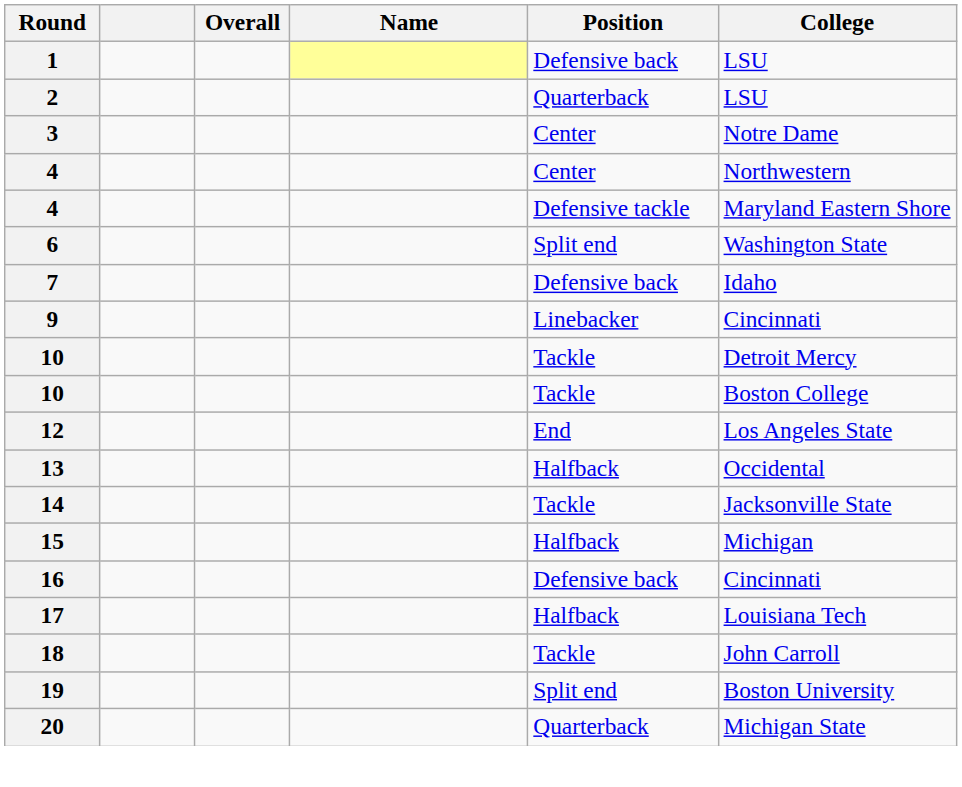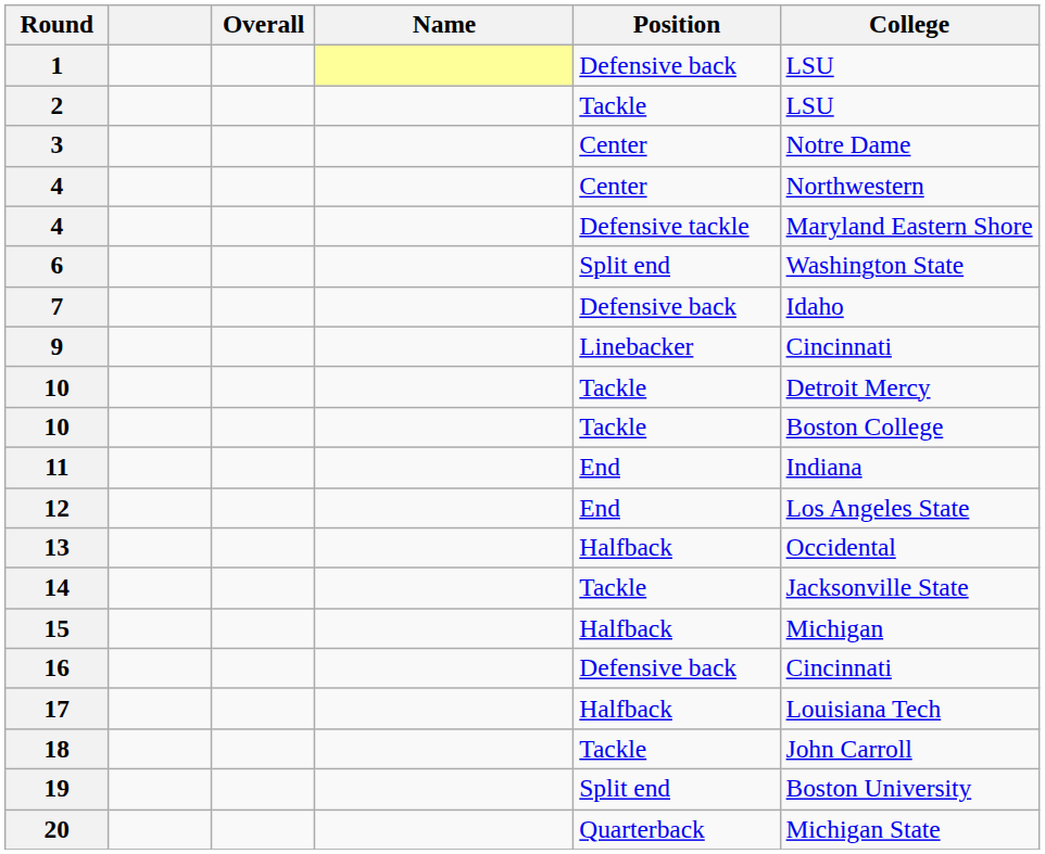 <table class="wikitable sortable">
 <tr>
 <th scope="col" style="width: 10%;">Round</th>
 <th scope="col" style="width: 10%;"></th>
 <th scope="col" style="width: 10%;">Overall</th>
 <th scope="col" style="width: 25%;">Name</th>
 <th scope="col" style="width: 20%;">Position</th>
 <th scope="col" style="width: 25%;">College</th>
 </tr>
 <tr>
 <th scope="row">1</th>
 <td></td>
 <td></td>
 <td style="background-color: #FFFF99;"> </td>
 <td><a href='#'>Defensive back</a></td>
 <td><a href='#'>LSU</a></td>
 </tr>
 <tr>
 <th scope="row">2</th>
 <td></td>
 <td></td>
 <td></td>
-<td><a href='#'>Quarterback</a></td>
+<td><a href='#'>Tackle</a></td>
 <td><a href='#'>LSU</a></td>
 </tr>
 <tr>
 <th scope="row">3</th>
 <td></td>
 <td></td>
 <td></td>
 <td><a href='#'>Center</a></td>
 <td><a href='#'>Notre Dame</a></td>
 </tr>
 <tr>
 <th scope="row">4</th>
 <td></td>
 <td></td>
 <td></td>
 <td><a href='#'>Center</a></td>
 <td><a href='#'>Northwestern</a></td>
 </tr>
 <tr>
 <th scope="row">4</th>
 <td></td>
 <td></td>
 <td></td>
 <td><a href='#'>Defensive tackle</a></td>
 <td><a href='#'>Maryland Eastern Shore</a></td>
 </tr>
 <tr>
 <th scope="row">6</th>
 <td></td>
 <td></td>
 <td></td>
 <td><a href='#'>Split end</a></td>
 <td><a href='#'>Washington State</a></td>
 </tr>
 <tr>
 <th scope="row">7</th>
 <td></td>
 <td></td>
 <td></td>
 <td><a href='#'>Defensive back</a></td>
 <td><a href='#'>Idaho</a></td>
 </tr>
 <tr>
 <th scope="row">9</th>
 <td></td>
 <td></td>
 <td></td>
 <td><a href='#'>Linebacker</a></td>
 <td><a href='#'>Cincinnati</a></td>
 </tr>
 <tr>
 <th scope="row">10</th>
 <td></td>
 <td></td>
 <td></td>
 <td><a href='#'>Tackle</a></td>
 <td><a href='#'>Detroit Mercy</a></td>
 </tr>
 <tr>
 <th scope="row">10</th>
 <td></td>
 <td></td>
 <td></td>
 <td><a href='#'>Tackle</a></td>
 <td><a href='#'>Boston College</a></td>
+</tr>
+<tr>
+<th scope="row">11</th>
+<td></td>
+<td></td>
+<td></td>
+<td><a href='#'>End</a></td>
+<td><a href='#'>Indiana</a></td>
 </tr>
 <tr>
 <th scope="row">12</th>
 <td></td>
 <td></td>
 <td></td>
 <td><a href='#'>End</a></td>
 <td><a href='#'>Los Angeles State</a></td>
 </tr>
 <tr>
 <th scope="row">13</th>
 <td></td>
 <td></td>
 <td></td>
 <td><a href='#'>Halfback</a></td>
 <td><a href='#'>Occidental</a></td>
 </tr>
 <tr>
 <th scope="row">14</th>
 <td></td>
 <td></td>
 <td></td>
 <td><a href='#'>Tackle</a></td>
 <td><a href='#'>Jacksonville State</a></td>
 </tr>
 <tr>
 <th scope="row">15</th>
 <td></td>
 <td></td>
 <td></td>
 <td><a href='#'>Halfback</a></td>
 <td><a href='#'>Michigan</a></td>
 </tr>
 <tr>
 <th scope="row">16</th>
 <td></td>
 <td></td>
 <td></td>
 <td><a href='#'>Defensive back</a></td>
 <td><a href='#'>Cincinnati</a></td>
 </tr>
 <tr>
 <th scope="row">17</th>
 <td></td>
 <td></td>
 <td></td>
 <td><a href='#'>Halfback</a></td>
 <td><a href='#'>Louisiana Tech</a></td>
 </tr>
 <tr>
 <th scope="row">18</th>
 <td></td>
 <td></td>
 <td></td>
 <td><a href='#'>Tackle</a></td>
 <td><a href='#'>John Carroll</a></td>
 </tr>
 <tr>
 <th scope="row">19</th>
 <td></td>
 <td></td>
 <td></td>
 <td><a href='#'>Split end</a></td>
 <td><a href='#'>Boston University</a></td>
 </tr>
 <tr>
 <th scope="row">20</th>
 <td></td>
 <td></td>
 <td></td>
 <td><a href='#'>Quarterback</a></td>
 <td><a href='#'>Michigan State</a></td>
 </tr>
 </table>
